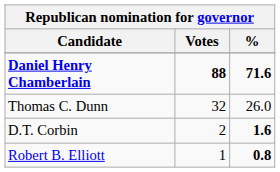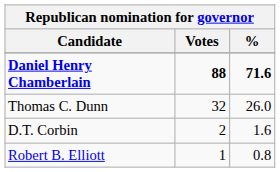 <table class="wikitable" align="right" style="font-size: 95%;">
 <tr>
 <th colspan="3">Republican nomination for <a href='#'>governor</a></th>
 </tr>
 <tr>
 <th colspan="1" style="width: 170px">Candidate</th>
 <th style="width: 50px">Votes</th>
 <th style="width: 40px">%</th>
 </tr>
 <tr>
 </tr>
 <tr>
 <td><strong><a href='#'>Daniel Henry Chamberlain</a></strong></td>
 <td align="right"><strong>88</strong></td>
 <td align="right"><strong>71.6</strong></td>
 </tr>
 <tr>
 <td>Thomas C. Dunn</td>
 <td align="right">32</td>
 <td align="right">26.0</td>
 </tr>
 <tr>
 <td>D.T. Corbin</td>
 <td align="right">2</td>
-<td align="right"><strong>1.6</strong></td>
+<td align="right">1.6</td>
 </tr>
 <tr>
 <td><a href='#'>Robert B. Elliott</a></td>
 <td align="right">1</td>
-<td align="right"><strong>0.8</strong></td>
+<td align="right">0.8</td>
 </tr>
 </table>
